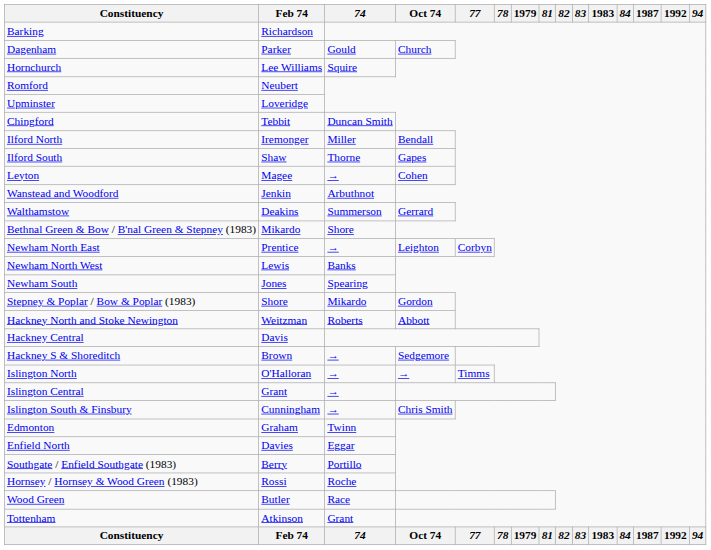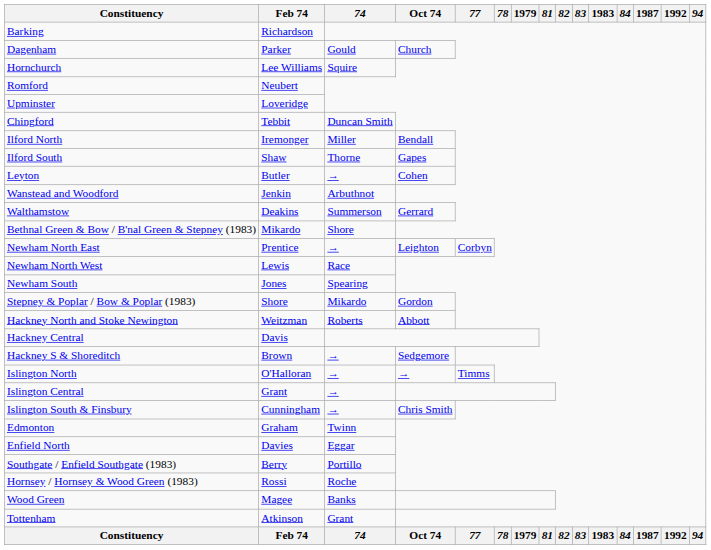 <table class="wikitable">
 <tr>
 <th>Constituency</th>
 <th>Feb 74</th>
 <th><em>74</em></th>
 <th>Oct 74</th>
 <th><em>77</em></th>
 <th><em>78</em></th>
 <th>1979</th>
 <th><em>81</em></th>
 <th><em>82</em></th>
 <th><em>83</em></th>
 <th>1983</th>
 <th><em>84</em></th>
 <th>1987</th>
 <th>1992</th>
 <th><em>94</em></th>
 </tr>
 <tr>
 <td><a href='#'>Barking</a></td>
 <td><a href='#'>Richardson</a></td>
 </tr>
 <tr>
 <td><a href='#'>Dagenham</a></td>
 <td><a href='#'>Parker</a></td>
 <td><a href='#'>Gould</a></td>
 <td><a href='#'>Church</a></td>
 </tr>
 <tr>
 <td><a href='#'>Hornchurch</a></td>
 <td><a href='#'>Lee Williams</a></td>
 <td><a href='#'>Squire</a></td>
 </tr>
 <tr>
 <td><a href='#'>Romford</a></td>
 <td><a href='#'>Neubert</a></td>
 </tr>
 <tr>
 <td><a href='#'>Upminster</a></td>
 <td><a href='#'>Loveridge</a></td>
 </tr>
 <tr>
 <td><a href='#'>Chingford</a></td>
 <td><a href='#'>Tebbit</a></td>
 <td><a href='#'>Duncan Smith</a></td>
 </tr>
 <tr>
 <td><a href='#'>Ilford North</a></td>
 <td><a href='#'>Iremonger</a></td>
 <td><a href='#'>Miller</a></td>
 <td><a href='#'>Bendall</a></td>
 </tr>
 <tr>
 <td><a href='#'>Ilford South</a></td>
 <td><a href='#'>Shaw</a></td>
 <td><a href='#'>Thorne</a></td>
 <td><a href='#'>Gapes</a></td>
 </tr>
 <tr>
 <td><a href='#'>Leyton</a></td>
-<td><a href='#'>Magee</a></td>
+<td><a href='#'>Butler</a></td>
 <td><a href='#'>→</a></td>
 <td><a href='#'>Cohen</a></td>
 </tr>
 <tr>
 <td><a href='#'>Wanstead and Woodford</a></td>
 <td><a href='#'>Jenkin</a></td>
 <td><a href='#'>Arbuthnot</a></td>
 </tr>
 <tr>
 <td><a href='#'>Walthamstow</a></td>
 <td><a href='#'>Deakins</a></td>
 <td><a href='#'>Summerson</a></td>
 <td><a href='#'>Gerrard</a></td>
 </tr>
 <tr>
 <td><a href='#'>Bethnal Green & Bow</a> / <a href='#'>B'nal Green & Stepney</a> (1983)</td>
 <td><a href='#'>Mikardo</a></td>
 <td><a href='#'>Shore</a></td>
 </tr>
 <tr>
 <td><a href='#'>Newham North East</a></td>
 <td><a href='#'>Prentice</a></td>
 <td><a href='#'>→</a></td>
 <td><a href='#'>Leighton</a></td>
 <td><a href='#'>Corbyn</a></td>
 </tr>
 <tr>
 <td><a href='#'>Newham North West</a></td>
 <td><a href='#'>Lewis</a></td>
-<td><a href='#'>Banks</a></td>
+<td><a href='#'>Race</a></td>
 </tr>
 <tr>
 <td><a href='#'>Newham South</a></td>
 <td><a href='#'>Jones</a></td>
 <td><a href='#'>Spearing</a></td>
 </tr>
 <tr>
 <td><a href='#'>Stepney & Poplar</a> / <a href='#'>Bow & Poplar</a> (1983)</td>
 <td><a href='#'>Shore</a></td>
 <td><a href='#'>Mikardo</a></td>
 <td><a href='#'>Gordon</a></td>
 </tr>
 <tr>
 <td><a href='#'>Hackney North and Stoke Newington</a></td>
 <td><a href='#'>Weitzman</a></td>
 <td><a href='#'>Roberts</a></td>
 <td><a href='#'>Abbott</a></td>
 </tr>
 <tr>
 <td><a href='#'>Hackney Central</a></td>
 <td><a href='#'>Davis</a></td>
 <td colspan="5"></td>
 </tr>
 <tr>
 <td><a href='#'>Hackney S & Shoreditch</a></td>
 <td><a href='#'>Brown</a></td>
 <td><a href='#'>→</a></td>
 <td><a href='#'>Sedgemore</a></td>
 </tr>
 <tr>
 <td><a href='#'>Islington North</a></td>
 <td><a href='#'>O'Halloran</a></td>
 <td><a href='#'>→</a></td>
 <td><a href='#'>→</a></td>
 <td><a href='#'>Timms</a></td>
 </tr>
 <tr>
 <td><a href='#'>Islington Central</a></td>
 <td><a href='#'>Grant</a></td>
 <td><a href='#'>→</a></td>
 <td colspan="5"></td>
 </tr>
 <tr>
 <td><a href='#'>Islington South & Finsbury</a></td>
 <td><a href='#'>Cunningham</a></td>
 <td><a href='#'>→</a></td>
 <td><a href='#'>Chris Smith</a></td>
 </tr>
 <tr>
 <td><a href='#'>Edmonton</a></td>
 <td><a href='#'>Graham</a></td>
 <td><a href='#'>Twinn</a></td>
 </tr>
 <tr>
 <td><a href='#'>Enfield North</a></td>
 <td><a href='#'>Davies</a></td>
 <td><a href='#'>Eggar</a></td>
 </tr>
 <tr>
 <td><a href='#'>Southgate</a> / <a href='#'>Enfield Southgate</a> (1983)</td>
 <td><a href='#'>Berry</a></td>
 <td><a href='#'>Portillo</a></td>
 </tr>
 <tr>
 <td><a href='#'>Hornsey</a> / <a href='#'>Hornsey & Wood Green</a> (1983)</td>
 <td><a href='#'>Rossi</a></td>
 <td><a href='#'>Roche</a></td>
 </tr>
 <tr>
 <td><a href='#'>Wood Green</a></td>
-<td><a href='#'>Butler</a></td>
-<td><a href='#'>Race</a></td>
+<td><a href='#'>Magee</a></td>
+<td><a href='#'>Banks</a></td>
 <td colspan="5"></td>
 </tr>
 <tr>
 <td><a href='#'>Tottenham</a></td>
 <td><a href='#'>Atkinson</a></td>
 <td><a href='#'>Grant</a></td>
 </tr>
 <tr>
 <th>Constituency</th>
 <th>Feb 74</th>
 <th><em>74</em></th>
 <th>Oct 74</th>
 <th><em>77</em></th>
 <th><em>78</em></th>
 <th>1979</th>
 <th><em>81</em></th>
 <th><em>82</em></th>
 <th><em>83</em></th>
 <th>1983</th>
 <th><em>84</em></th>
 <th>1987</th>
 <th>1992</th>
 <th><em>94</em></th>
 </tr>
 </table>
